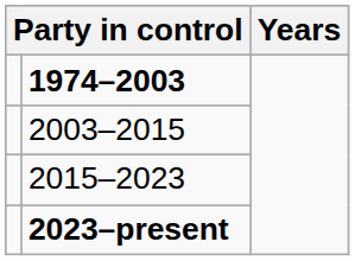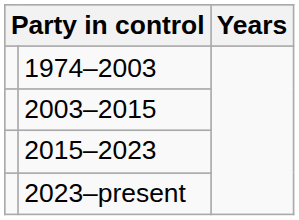 <table class="wikitable">
 <tr>
 <th colspan=2>Party in control</th>
 <th>Years</th>
 </tr>
 <tr>
 <td></td>
-<td><strong>1974–2003</strong></td>
+<td>1974–2003</td>
 </tr>
 <tr>
 <td></td>
 <td>2003–2015</td>
 </tr>
 <tr>
 <td></td>
 <td>2015–2023</td>
 </tr>
 <tr>
 <td></td>
-<td><strong>2023–present</strong></td>
+<td>2023–present</td>
 </tr>
 </table>
